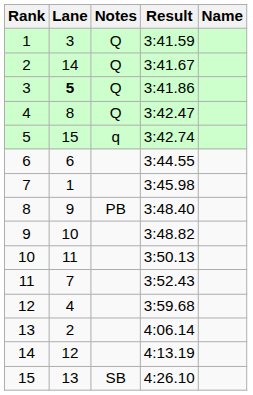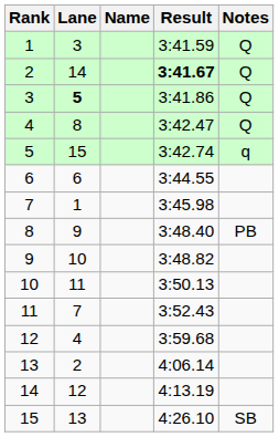 <table class="wikitable" style="text-align:center">
 <tr>
 <th>Rank</th>
 <th>Lane</th>
+<th>Name</th>
+<th>Result</th>
 <th>Notes</th>
-<th>Result</th>
-<th>Name</th>
 </tr>
 <tr bgcolor=ccffcc>
 <td>1</td>
 <td>3</td>
+<td align="left"></td>
+<td>3:41.59</td>
 <td>Q</td>
-<td>3:41.59</td>
-<td align="left"></td>
 </tr>
 <tr bgcolor=ccffcc>
 <td>2</td>
 <td>14</td>
+<td align="left"></td>
+<td><strong>3:41.67</strong></td>
 <td>Q</td>
-<td>3:41.67</td>
-<td align="left"></td>
 </tr>
 <tr bgcolor=ccffcc>
 <td>3</td>
 <td><strong>5</strong></td>
+<td align="left"></td>
+<td>3:41.86</td>
 <td>Q</td>
-<td>3:41.86</td>
-<td align="left"></td>
 </tr>
 <tr bgcolor=ccffcc>
 <td>4</td>
 <td>8</td>
+<td align="left"></td>
+<td>3:42.47</td>
 <td>Q</td>
-<td>3:42.47</td>
-<td align="left"></td>
 </tr>
 <tr bgcolor=ccffcc>
 <td>5</td>
 <td>15</td>
+<td align="left"></td>
+<td>3:42.74</td>
 <td>q</td>
-<td>3:42.74</td>
-<td align="left"></td>
 </tr>
 <tr>
 <td>6</td>
 <td>6</td>
+<td align="left"></td>
+<td>3:44.55</td>
 <td></td>
-<td>3:44.55</td>
-<td align="left"></td>
 </tr>
 <tr>
 <td>7</td>
 <td>1</td>
+<td align="left"></td>
+<td>3:45.98</td>
 <td></td>
-<td>3:45.98</td>
-<td align="left"></td>
 </tr>
 <tr>
 <td>8</td>
 <td>9</td>
+<td align="left"></td>
+<td>3:48.40</td>
 <td>PB</td>
-<td>3:48.40</td>
-<td align="left"></td>
 </tr>
 <tr>
 <td>9</td>
 <td>10</td>
+<td align="left"></td>
+<td>3:48.82</td>
 <td></td>
-<td>3:48.82</td>
-<td align="left"></td>
 </tr>
 <tr>
 <td>10</td>
 <td>11</td>
+<td align="left"></td>
+<td>3:50.13</td>
 <td></td>
-<td>3:50.13</td>
-<td align="left"></td>
 </tr>
 <tr>
 <td>11</td>
 <td>7</td>
+<td align="left"></td>
+<td>3:52.43</td>
 <td></td>
-<td>3:52.43</td>
-<td align="left"></td>
 </tr>
 <tr>
 <td>12</td>
 <td>4</td>
+<td align="left"></td>
+<td>3:59.68</td>
 <td></td>
-<td>3:59.68</td>
-<td align="left"></td>
 </tr>
 <tr>
 <td>13</td>
 <td>2</td>
+<td align="left"></td>
+<td>4:06.14</td>
 <td></td>
-<td>4:06.14</td>
-<td align="left"></td>
 </tr>
 <tr>
 <td>14</td>
 <td>12</td>
+<td align="left"></td>
+<td>4:13.19</td>
 <td></td>
-<td>4:13.19</td>
-<td align="left"></td>
 </tr>
 <tr>
 <td>15</td>
 <td>13</td>
+<td align="left"></td>
+<td>4:26.10</td>
 <td>SB</td>
-<td>4:26.10</td>
-<td align="left"></td>
 </tr>
 </table>
